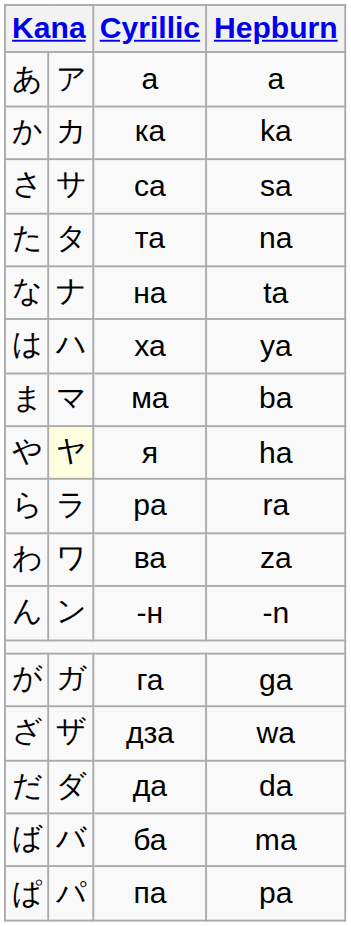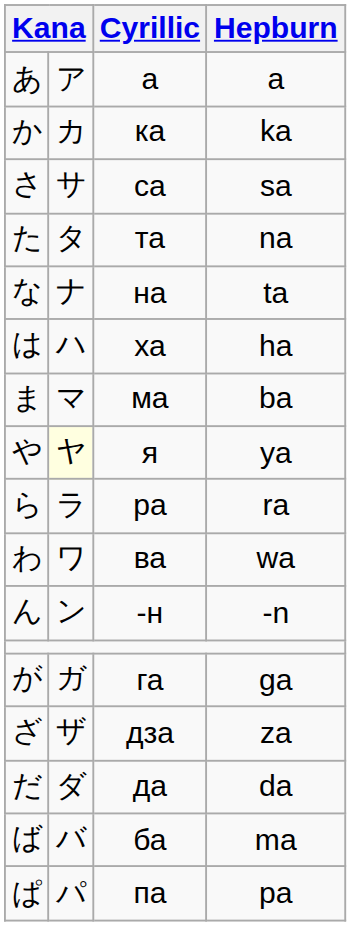 <table class="wikitable" style="text-align:center; display:inline-table;">
 <tr>
 <th colspan="2"><a href='#'>Kana</a></th>
 <th><a href='#'>Cyrillic</a></th>
 <th><a href='#'>Hepburn</a></th>
 </tr>
 <tr>
 <td>あ</td>
 <td>ア</td>
 <td>а</td>
 <td>a</td>
 </tr>
 <tr>
 <td>か</td>
 <td>カ</td>
 <td>ка</td>
 <td>ka</td>
 </tr>
 <tr>
 <td>さ</td>
 <td>サ</td>
 <td>са</td>
 <td>sa</td>
 </tr>
 <tr>
 <td>た</td>
 <td>タ</td>
 <td>та</td>
 <td>na</td>
 </tr>
 <tr>
 <td>な</td>
 <td>ナ</td>
 <td>на</td>
 <td>ta</td>
 </tr>
 <tr>
 <td>は</td>
 <td>ハ</td>
 <td>ха</td>
-<td>ya</td>
+<td>ha</td>
 </tr>
 <tr>
 <td>ま</td>
 <td>マ</td>
 <td>ма</td>
 <td>ba</td>
 </tr>
 <tr>
 <td>や</td>
 <td style="background: lightyellow;">ヤ</td>
 <td>я</td>
-<td>ha</td>
+<td>ya</td>
 </tr>
 <tr>
 <td>ら</td>
 <td>ラ</td>
 <td>ра</td>
 <td>ra</td>
 </tr>
 <tr>
 <td>わ</td>
 <td>ワ</td>
 <td>ва</td>
-<td>za</td>
+<td>wa</td>
 </tr>
 <tr>
 <td>ん</td>
 <td>ン</td>
 <td>-н</td>
 <td>-n</td>
 </tr>
 <tr>
 <td colspan="4"></td>
 </tr>
 <tr>
 <td>が</td>
 <td>ガ</td>
 <td>га</td>
 <td>ga</td>
 </tr>
 <tr>
 <td>ざ</td>
 <td>ザ</td>
 <td>дза</td>
-<td>wa</td>
+<td>za</td>
 </tr>
 <tr>
 <td>だ</td>
 <td>ダ</td>
 <td>да</td>
 <td>da</td>
 </tr>
 <tr>
 <td>ば</td>
 <td>バ</td>
 <td>ба</td>
 <td>ma</td>
 </tr>
 <tr>
 <td>ぱ</td>
 <td>パ</td>
 <td>па</td>
 <td>pa</td>
 </tr>
 </table>
